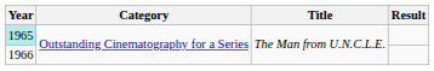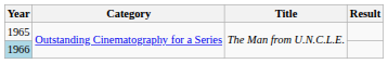 <table class="wikitable">
 <tr>
 <th>Year</th>
 <th>Category</th>
 <th>Title</th>
 <th>Result</th>
 </tr>
 <tr>
-<td style="background: paleturquoise;">1965</td>
+<td>1965</td>
 <td rowspan=2><a href='#'>Outstanding Cinematography for a Series</a></td>
 <td rowspan=2><em>The Man from U.N.C.L.E.</em></td>
 <td></td>
 </tr>
 <tr>
-<td>1966</td>
+<td style="background: lightblue;">1966</td>
 <td></td>
 </tr>
 </table>
